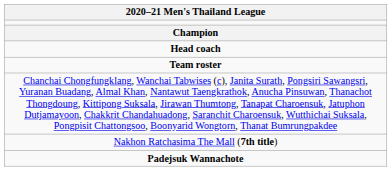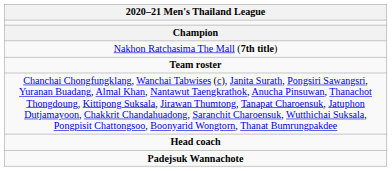 <table class="wikitable" style="text-align: center;">
 <tr>
 <th>2020–21 Men's Thailand League</th>
 </tr>
 <tr>
 <td></td>
 </tr>
 <tr>
 <th>Champion</th>
 </tr>
 <tr>
-<td><strong>Head coach</strong></td>
+<td><a href='#'>Nakhon Ratchasima The Mall</a> (<strong>7th title</strong>)</td>
 </tr>
 <tr>
 <td><strong>Team roster</strong></td>
 </tr>
 <tr>
 <td><a href='#'>Chanchai Chongfungklang</a>, <a href='#'>Wanchai Tabwises</a> (<a href='#'>c</a>), <a href='#'>Janita Surath</a>, <a href='#'>Pongsiri Sawangsri</a>, <a href='#'>Yuranan Buadang</a>, <a href='#'>Almal Khan</a>, <a href='#'>Nantawut Taengkrathok</a>, <a href='#'>Anucha Pinsuwan</a>, <a href='#'>Thanachot Thongdoung</a>, <a href='#'>Kittipong Suksala</a>, <a href='#'>Jirawan Thumtong</a>, <a href='#'>Tanapat Charoensuk</a>, <a href='#'>Jatuphon Dutjamayoon</a>, <a href='#'>Chakkrit Chandahuadong</a>, <a href='#'>Saranchit Charoensuk</a>, <a href='#'>Wutthichai Suksala</a>, <a href='#'>Pongpisit Chattongsoo</a>, <a href='#'>Boonyarid Wongtorn</a>, <a href='#'>Thanat Bumrungpakdee</a></td>
 </tr>
 <tr>
-<td><a href='#'>Nakhon Ratchasima The Mall</a> (<strong>7th title</strong>)</td>
+<td><strong>Head coach</strong></td>
 </tr>
 <tr>
 <td><strong>Padejsuk Wannachote</strong></td>
 </tr>
 </table>
